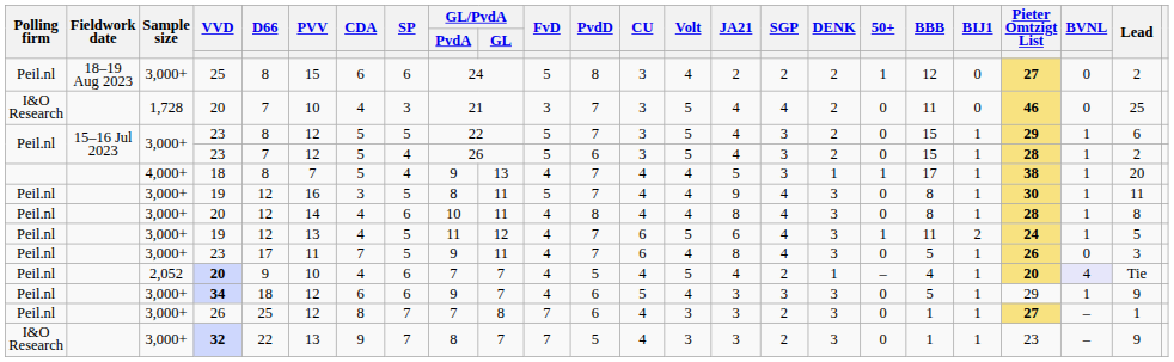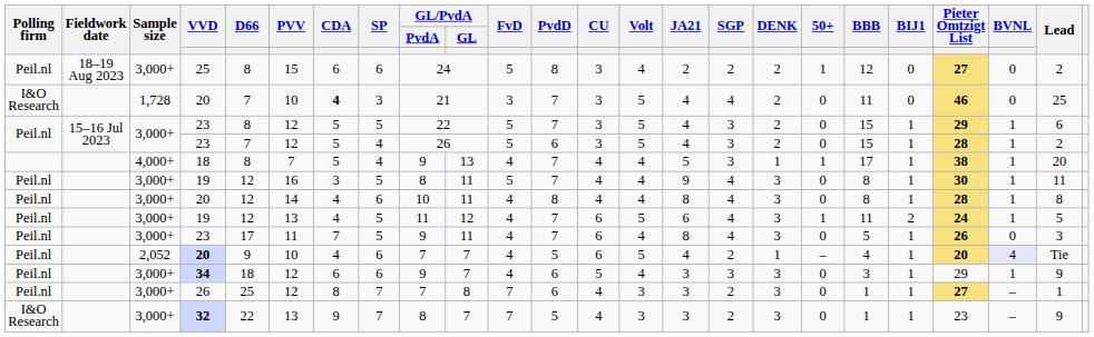 <table class="wikitable sortable mw-datatable" style="text-align:center;font-size:90;line-height:14px;">
 <tr>
 <th rowspan="3">Polling firm</th>
 <th class="unsortable" rowspan="3">Fieldwork date</th>
 <th class="unsortable" rowspan="3">Sample<br>size</th>
 <th class="unsortable" style="width:50px;" rowspan="2"><a href='#'>VVD</a></th>
 <th class="unsortable" style="width:50px;" rowspan="2"><a href='#'>D66</a></th>
 <th class="unsortable" style="width:50px;" rowspan="2"><a href='#'>PVV</a></th>
 <th class="unsortable" style="width:50px;" rowspan="2"><a href='#'>CDA</a></th>
 <th class="unsortable" style="width:50px;" rowspan="2"><a href='#'>SP</a></th>
 <th class="unsortable" style="width:50px;" colspan="2"><a href='#'>GL/PvdA</a></th>
 <th class="unsortable" style="width:50px;" rowspan="2"><a href='#'>FvD</a></th>
 <th class="unsortable" style="width:50px;" rowspan="2"><a href='#'>PvdD</a></th>
 <th class="unsortable" style="width:50px;" rowspan="2"><a href='#'>CU</a></th>
 <th class="unsortable" style="width:50px;" rowspan="2"><a href='#'>Volt</a></th>
 <th class="unsortable" style="width:50px;" rowspan="2"><a href='#'>JA21</a></th>
 <th class="unsortable" style="width:50px;" rowspan="2"><a href='#'>SGP</a></th>
 <th class="unsortable" style="width:50px;" rowspan="2"><a href='#'>DENK</a></th>
 <th class="unsortable" style="width:50px;" rowspan="2"><a href='#'>50+</a></th>
 <th class="unsortable" style="width:50px;" rowspan="2"><a href='#'>BBB</a></th>
 <th class="unsortable" style="width:50px;" rowspan="2"><a href='#'>BIJ1</a></th>
 <th class="unsortable" style="width:30px;" rowspan="2"><a href='#'>Pieter Omtzigt List</a></th>
 <th class="unsortable" style="width:50px;" rowspan="2"><a href='#'>BVNL</a></th>
 <th class="unsortable" style="width:50px;" rowspan="3">Lead</th>
 <th class="unsortable" rowspan="3"></th>
 </tr>
 <tr>
 <th class="unsortable" style="width:50px;"><a href='#'>PvdA</a></th>
 <th class="unsortable" style="width:50px;"><a href='#'>GL</a></th>
 </tr>
 <tr>
 <th data-sort-type="number" style="background:"></th>
 <th data-sort-type="number" style="background:"></th>
 <th data-sort-type="number" style="background:"></th>
 <th data-sort-type="number" style="background:"></th>
 <th data-sort-type="number" style="background:"></th>
 <th data-sort-type="number" style="background:"></th>
 <th data-sort-type="number" style="background:"></th>
 <th data-sort-type="number" style="background:"></th>
 <th data-sort-type="number" style="background:"></th>
 <th data-sort-type="number" style="background:"></th>
 <th data-sort-type="number" style="background:"></th>
 <th data-sort-type="number" style="background:"></th>
 <th data-sort-type="number" style="background:"></th>
 <th data-sort-type="number" style="background:"></th>
 <th data-sort-type="number" style="background:"></th>
 <th data-sort-type="number" style="background:"></th>
 <th data-sort-type="number" style="background:"></th>
 <th data-sort-type="number" style="background:"></th>
 <th data-sort-type="number" style="background:"></th>
 </tr>
 <tr>
 <td>Peil.nl</td>
 <td data-sort-value="2023-08-19">18–19 Aug 2023</td>
 <td>3,000+</td>
 <td>25</td>
 <td>8</td>
 <td>15</td>
 <td>6</td>
 <td>6</td>
 <td colspan="2">24</td>
 <td>5</td>
 <td>8</td>
 <td>3</td>
 <td>4</td>
 <td>2</td>
 <td>2</td>
 <td>2</td>
 <td>1</td>
 <td>12</td>
 <td>0</td>
 <td style="background:#F8E280;"><strong>27</strong></td>
 <td>0</td>
 <td style="background:">2</td>
 <td></td>
 </tr>
 <tr>
 <td>I&O Research</td>
 <td></td>
 <td>1,728</td>
 <td>20</td>
 <td>7</td>
 <td>10</td>
-<td>4</td>
+<td><strong>4</strong></td>
 <td>3</td>
 <td colspan="2">21</td>
 <td>3</td>
 <td>7</td>
 <td>3</td>
 <td>5</td>
 <td>4</td>
 <td>4</td>
 <td>2</td>
 <td>0</td>
 <td>11</td>
 <td>0</td>
 <td style="background:#F8E280;"><strong>46</strong></td>
 <td>0</td>
 <td style="background:">25</td>
 <td></td>
 </tr>
 <tr>
 <td rowspan="2">Peil.nl</td>
 <td rowspan="2" data-sort-value="2023-07-16">15–16 Jul 2023</td>
 <td rowspan="2">3,000+</td>
 <td>23</td>
 <td>8</td>
 <td>12</td>
 <td>5</td>
 <td>5</td>
 <td colspan="2">22</td>
 <td>5</td>
 <td>7</td>
 <td>3</td>
 <td>5</td>
 <td>4</td>
 <td>3</td>
 <td>2</td>
 <td>0</td>
 <td>15</td>
 <td>1</td>
 <td style="background:#F8E280;"><strong>29</strong></td>
 <td>1</td>
 <td style="background:">6</td>
 <td></td>
 </tr>
 <tr>
 <td>23</td>
 <td>7</td>
 <td>12</td>
 <td>5</td>
 <td>4</td>
 <td colspan="2">26</td>
 <td>5</td>
 <td>6</td>
 <td>3</td>
 <td>5</td>
 <td>4</td>
 <td>3</td>
 <td>2</td>
 <td>0</td>
 <td>15</td>
 <td>1</td>
 <td style="background:#F8E280;"><strong>28</strong></td>
 <td>1</td>
 <td style="background:">2</td>
 <td></td>
 </tr>
 <tr>
 <td></td>
 <td></td>
 <td>4,000+</td>
 <td>18</td>
 <td>8</td>
 <td>7</td>
 <td>5</td>
 <td>4</td>
 <td>9</td>
 <td>13</td>
 <td>4</td>
 <td>7</td>
 <td>4</td>
 <td>4</td>
 <td>5</td>
 <td>3</td>
 <td>1</td>
 <td>1</td>
 <td>17</td>
 <td>1</td>
 <td style="background:#F8E280;"><strong>38</strong></td>
 <td>1</td>
 <td style="background:">20</td>
 <td></td>
 </tr>
 <tr>
 <td>Peil.nl</td>
 <td></td>
 <td>3,000+</td>
 <td>19</td>
 <td>12</td>
 <td>16</td>
 <td>3</td>
 <td>5</td>
 <td>8</td>
 <td>11</td>
 <td>5</td>
 <td>7</td>
 <td>4</td>
 <td>4</td>
 <td>9</td>
 <td>4</td>
 <td>3</td>
 <td>0</td>
 <td>8</td>
 <td>1</td>
 <td style="background:#F8E280;"><strong>30</strong></td>
 <td>1</td>
 <td style="background:">11</td>
 <td></td>
 </tr>
 <tr>
 <td>Peil.nl</td>
 <td></td>
 <td>3,000+</td>
 <td>20</td>
 <td>12</td>
 <td>14</td>
 <td>4</td>
 <td>6</td>
 <td>10</td>
 <td>11</td>
 <td>4</td>
 <td>8</td>
 <td>4</td>
 <td>4</td>
 <td>8</td>
 <td>4</td>
 <td>3</td>
 <td>0</td>
 <td>8</td>
 <td>1</td>
 <td style="background:#F8E280;"><strong>28</strong></td>
 <td>1</td>
 <td style="background:">8</td>
 <td></td>
 </tr>
 <tr>
 <td>Peil.nl</td>
 <td></td>
 <td>3,000+</td>
 <td>19</td>
 <td>12</td>
 <td>13</td>
 <td>4</td>
 <td>5</td>
 <td>11</td>
 <td>12</td>
 <td>4</td>
 <td>7</td>
 <td>6</td>
 <td>5</td>
 <td>6</td>
 <td>4</td>
 <td>3</td>
 <td>1</td>
 <td>11</td>
 <td>2</td>
 <td style="background:#F8E280;"><strong>24</strong></td>
 <td>1</td>
 <td style="background:">5</td>
 <td></td>
 </tr>
 <tr>
 <td>Peil.nl</td>
 <td></td>
 <td>3,000+</td>
 <td>23</td>
 <td>17</td>
 <td>11</td>
 <td>7</td>
 <td>5</td>
 <td>9</td>
 <td>11</td>
 <td>4</td>
 <td>7</td>
 <td>6</td>
 <td>4</td>
 <td>8</td>
 <td>4</td>
 <td>3</td>
 <td>0</td>
 <td>5</td>
 <td>1</td>
 <td style="background:#F8E280;"><strong>26</strong></td>
 <td>0</td>
 <td style="background:">3</td>
 <td></td>
 </tr>
 <tr>
 <td>Peil.nl</td>
 <td></td>
 <td>2,052</td>
 <td style="background:#CED7FD;"><strong>20</strong></td>
 <td>9</td>
 <td>10</td>
 <td>4</td>
 <td>6</td>
 <td>7</td>
 <td>7</td>
 <td>4</td>
 <td>5</td>
-<td>4</td>
+<td>6</td>
 <td>5</td>
 <td>4</td>
 <td>2</td>
 <td>1</td>
 <td>–</td>
 <td>4</td>
 <td>1</td>
 <td style="background:#F8E280;"><strong>20</strong></td>
 <td style="background: lavender;">4</td>
 <td>Tie</td>
 <td></td>
 </tr>
 <tr>
 <td>Peil.nl</td>
 <td></td>
 <td>3,000+</td>
 <td style="background:#CED7FD;"><strong>34</strong></td>
 <td>18</td>
 <td>12</td>
 <td>6</td>
 <td>6</td>
 <td>9</td>
 <td>7</td>
 <td>4</td>
 <td>6</td>
 <td>5</td>
 <td>4</td>
 <td>3</td>
 <td>3</td>
 <td>3</td>
 <td>0</td>
-<td>5</td>
+<td>3</td>
 <td>1</td>
 <td>29</td>
 <td>1</td>
 <td style="background:">9</td>
 <td></td>
 </tr>
 <tr>
 <td>Peil.nl</td>
 <td></td>
 <td>3,000+</td>
 <td>26</td>
 <td>25</td>
 <td>12</td>
 <td>8</td>
 <td>7</td>
 <td>7</td>
 <td>8</td>
 <td>7</td>
 <td>6</td>
 <td>4</td>
 <td>3</td>
 <td>3</td>
 <td>2</td>
 <td>3</td>
 <td>0</td>
 <td>1</td>
 <td>1</td>
 <td style="background:#F8E280;"><strong>27</strong></td>
 <td>–</td>
 <td style="background:">1</td>
 <td></td>
 </tr>
 <tr>
 <td>I&O Research</td>
 <td></td>
 <td>3,000+</td>
 <td style="background:#CED7FD;"><strong>32</strong></td>
 <td>22</td>
 <td>13</td>
 <td>9</td>
 <td>7</td>
 <td>8</td>
 <td>7</td>
 <td>7</td>
 <td>5</td>
 <td>4</td>
 <td>3</td>
 <td>3</td>
 <td>2</td>
 <td>3</td>
 <td>0</td>
 <td>1</td>
 <td>1</td>
 <td>23</td>
 <td>–</td>
 <td style="background:">9</td>
 <td></td>
 </tr>
 </table>
